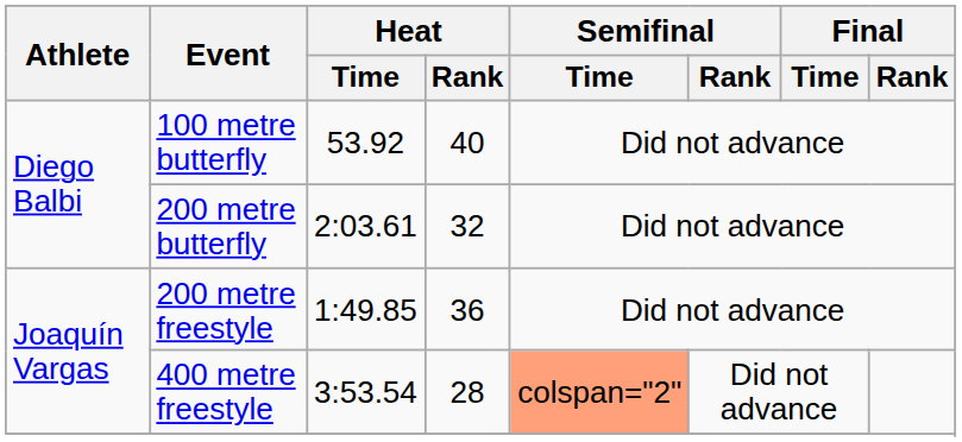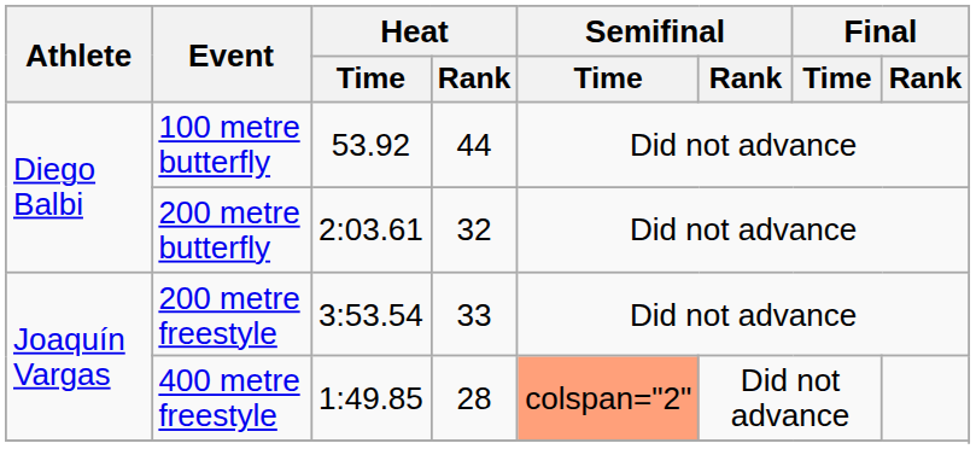 <table class="wikitable" style="text-align:center; font-size:90%; width:50%;">
 <tr>
 <th rowspan="2">Athlete</th>
 <th rowspan="2">Event</th>
 <th colspan="2">Heat</th>
 <th colspan="2">Semifinal</th>
 <th colspan="2">Final</th>
 </tr>
 <tr style="font-size:95%">
 <th>Time</th>
 <th>Rank</th>
 <th>Time</th>
 <th>Rank</th>
 <th>Time</th>
 <th>Rank</th>
 </tr>
 <tr>
 <td align=left rowspan=2><a href='#'>Diego Balbi</a></td>
 <td align=left><a href='#'>100 metre butterfly</a></td>
 <td>53.92</td>
-<td>40</td>
+<td>44</td>
 <td colspan=4>Did not advance</td>
 </tr>
 <tr>
 <td align=left><a href='#'>200 metre butterfly</a></td>
 <td>2:03.61</td>
 <td>32</td>
 <td colspan=4>Did not advance</td>
 </tr>
 <tr>
 <td align=left rowspan=2><a href='#'>Joaquín Vargas</a></td>
 <td align=left><a href='#'>200 metre freestyle</a></td>
-<td>1:49.85</td>
-<td>36</td>
+<td>3:53.54</td>
+<td>33</td>
 <td colspan=4>Did not advance</td>
 </tr>
 <tr>
 <td align=left><a href='#'>400 metre freestyle</a></td>
-<td>3:53.54</td>
+<td>1:49.85</td>
 <td>28</td>
 <td style="background: lightsalmon;">colspan="2" </td>
 <td colspan="2">Did not advance</td>
 </tr>
 <tr>
 </tr>
 </table>
